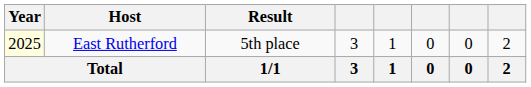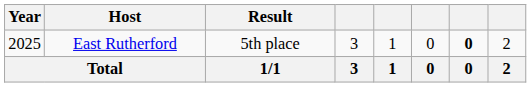 <table class="wikitable" style="text-align:center">
 <tr>
 <th width=30>Year</th>
 <th width=150>Host</th>
 <th width=120>Result</th>
 <th width=30></th>
 <th width=30></th>
 <th width=30></th>
 <th width=30></th>
 <th width=30></th>
 </tr>
 <tr>
-<td style="background: lightyellow;">2025</td>
+<td>2025</td>
 <td> <a href='#'>East Rutherford</a></td>
 <td>5th place</td>
 <td>3</td>
 <td>1</td>
 <td>0</td>
-<td>0</td>
+<td><strong>0</strong></td>
 <td>2</td>
 </tr>
 <tr>
 <th colspan=2>Total</th>
 <th>1/1</th>
 <th>3</th>
 <th>1</th>
 <th>0</th>
 <th>0</th>
 <th>2</th>
 </tr>
 </table>
